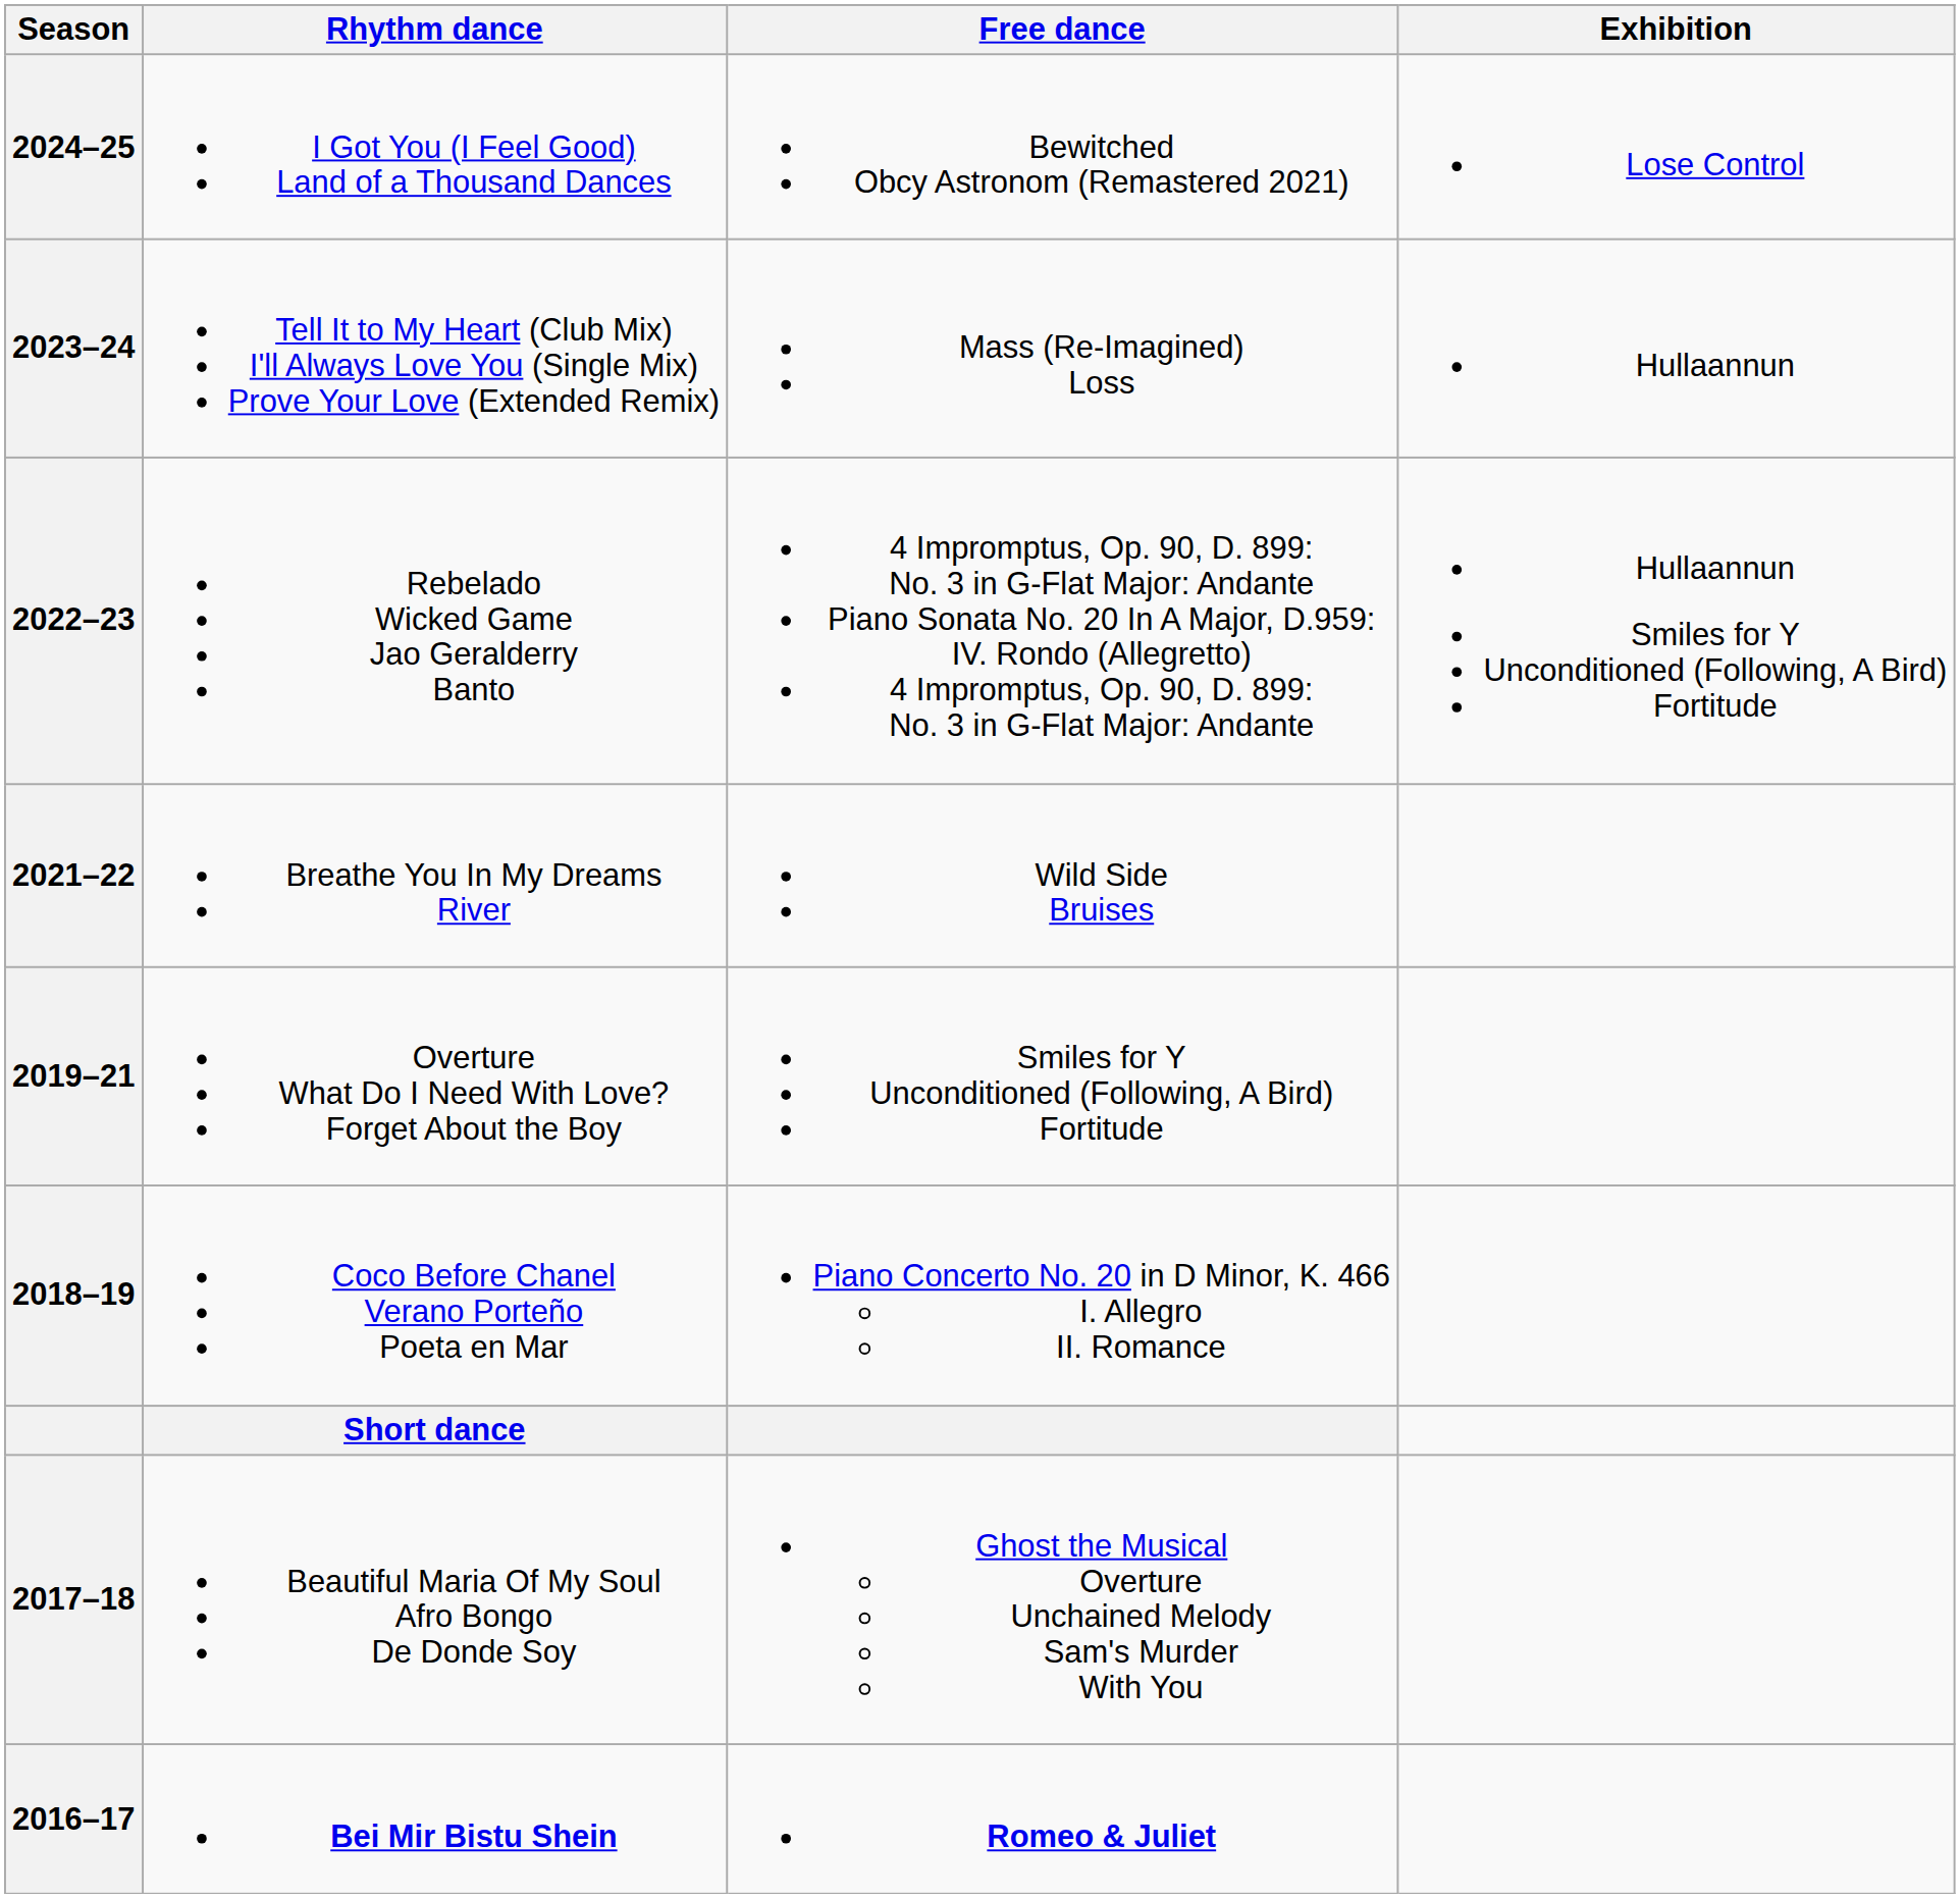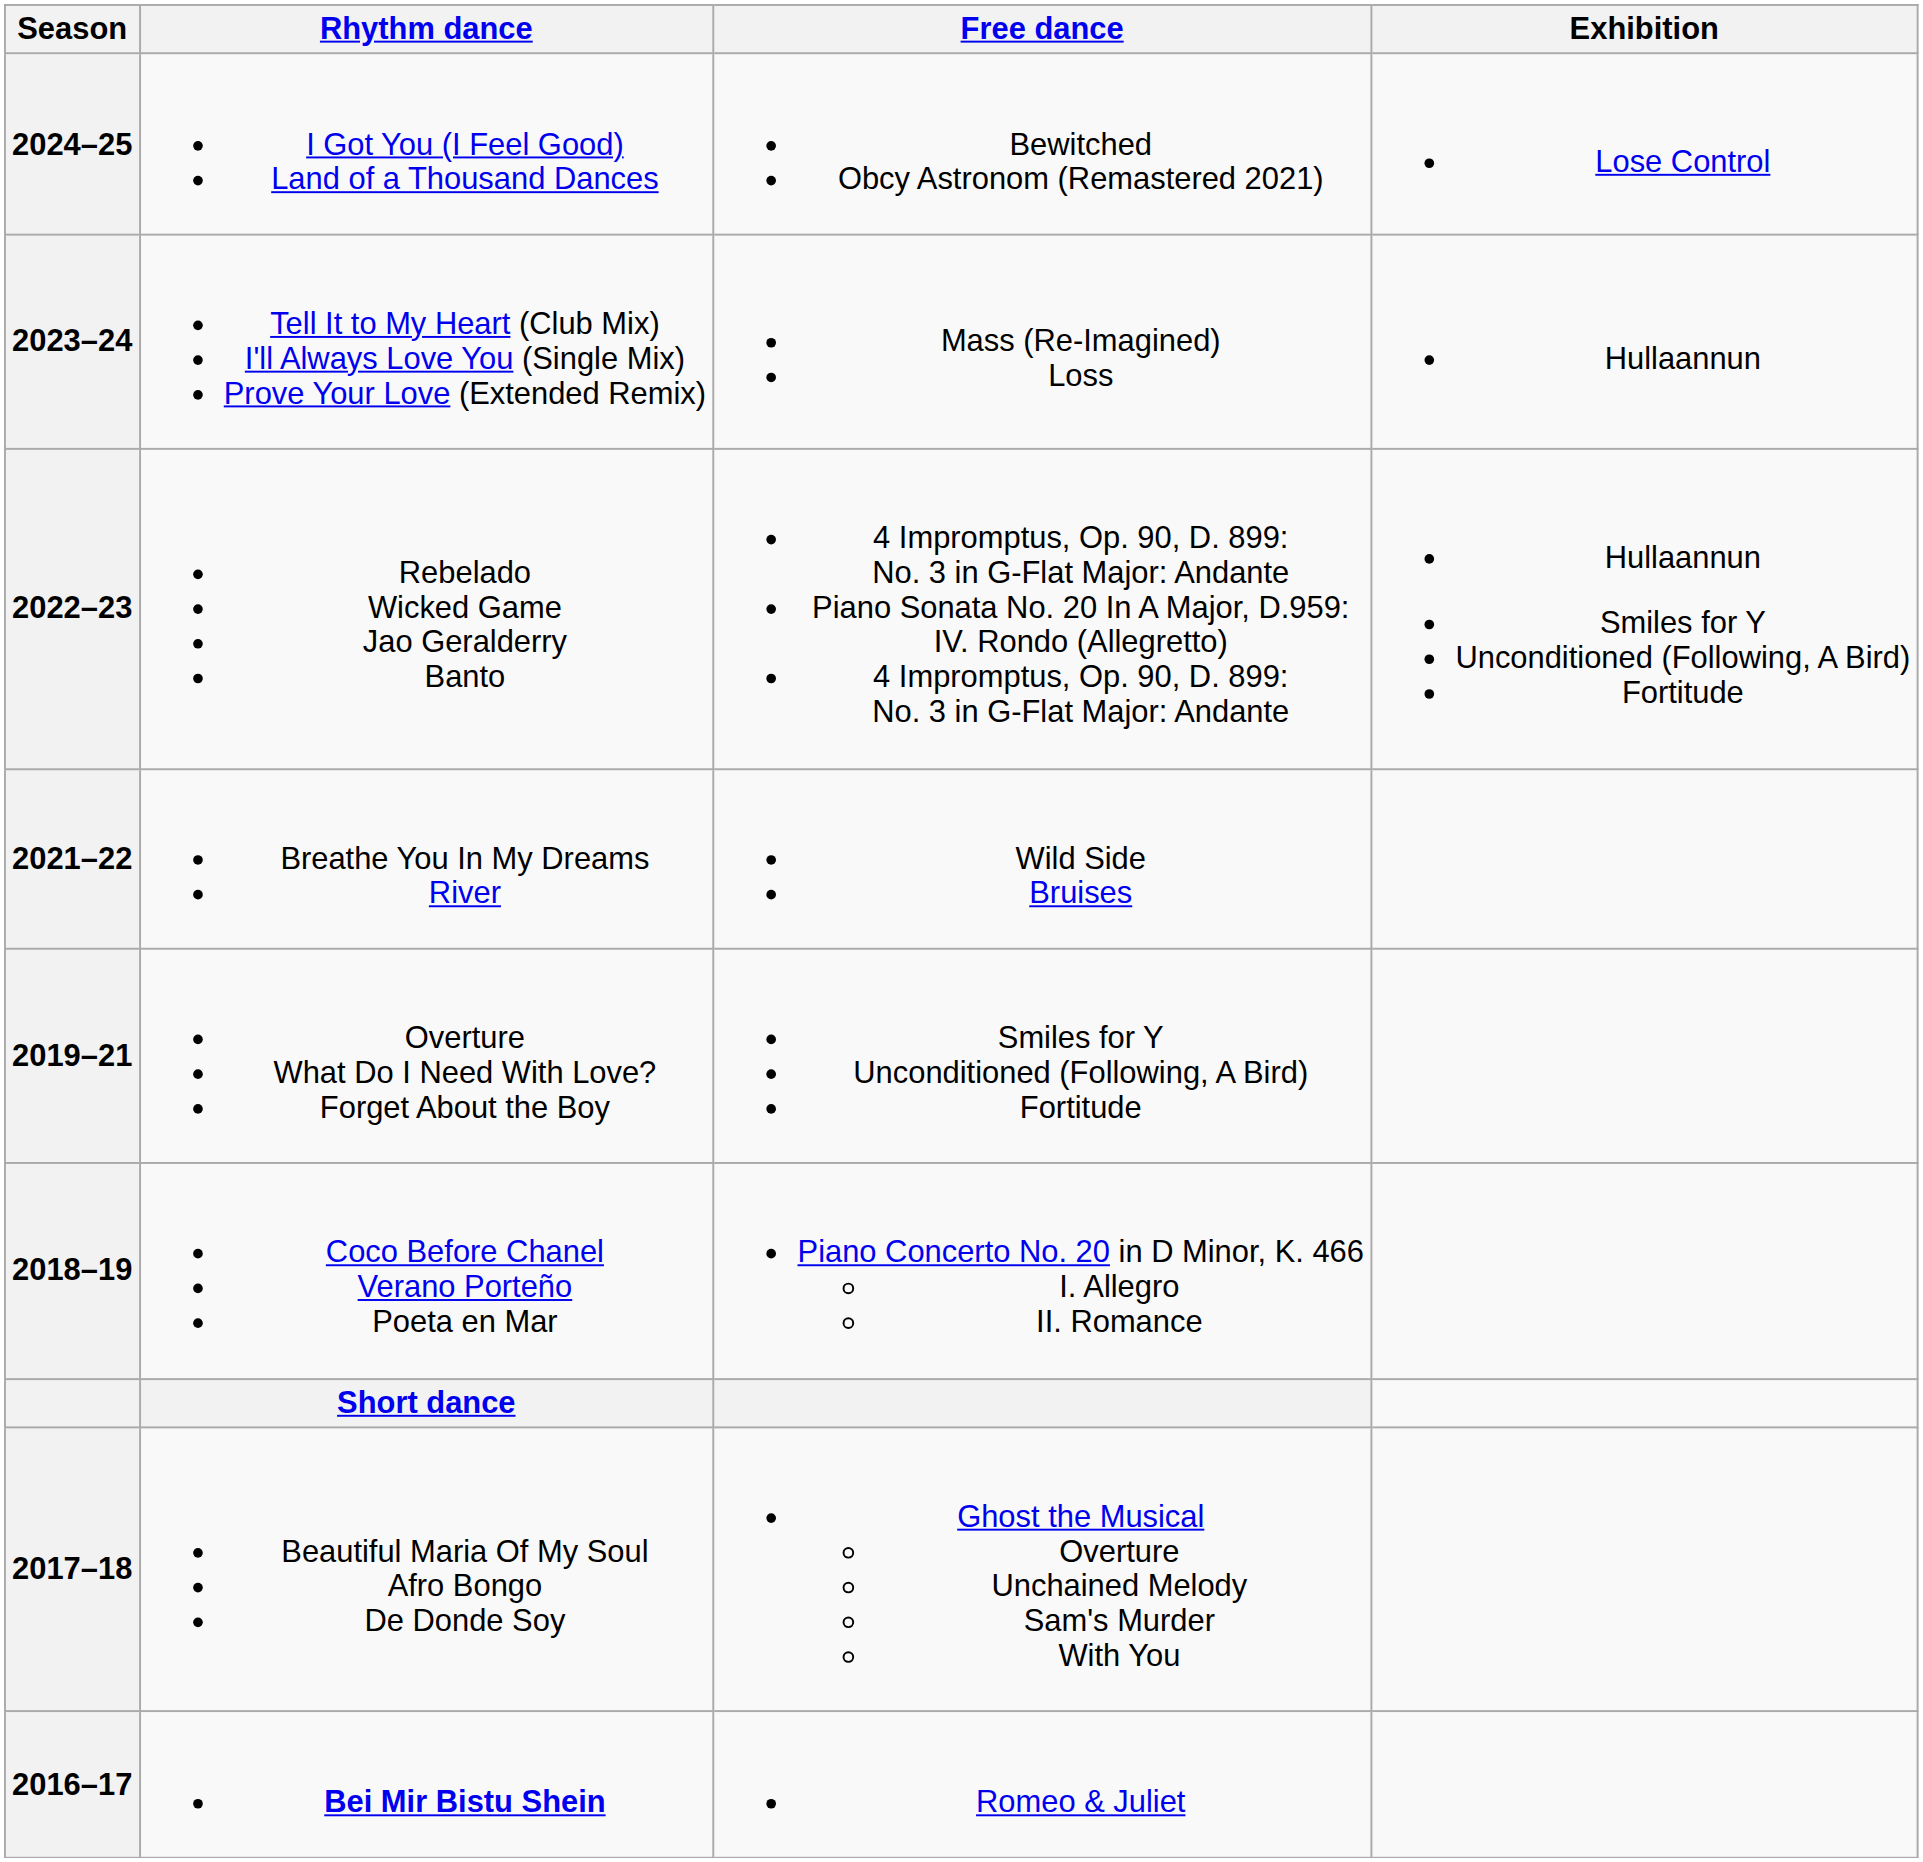 <table class=wikitable style=text-align:center>
 <tr>
 <th>Season</th>
 <th><a href='#'>Rhythm dance</a></th>
 <th><a href='#'>Free dance</a></th>
 <th>Exhibition</th>
 </tr>
 <tr>
 <th>2024–25 <br> </th>
 <td><br><ul><li><a href='#'>I Got You (I Feel Good)</a> <br> </li><li><a href='#'>Land of a Thousand Dances</a> <br> </li></ul></td>
 <td><br><ul><li>Bewitched <br> </li><li>Obcy Astronom (Remastered 2021) <br> </li></ul></td>
 <td><br><ul><li><a href='#'>Lose Control</a> <br> </li></ul></td>
 </tr>
 <tr>
 <th>2023–24 <br> </th>
 <td><br><ul><li><a href='#'>Tell It to My Heart</a> (Club Mix)</li><li><a href='#'>I'll Always Love You</a> (Single Mix)</li><li><a href='#'>Prove Your Love</a> (Extended Remix) <br> </li></ul></td>
 <td><br><ul><li>Mass (Re-Imagined)</li><li>Loss <br> </li></ul></td>
 <td><br><ul><li>Hullaannun <br></li></ul></td>
 </tr>
 <tr>
 <th>2022–23 <br> </th>
 <td><br><ul><li> Rebelado <br></li><li> Wicked Game <br></li><li> Jao Geralderry <br></li><li> Banto <br></li></ul></td>
 <td><br><ul><li>4 Impromptus, Op. 90, D. 899:<br> No. 3 in G-Flat Major: Andante</li><li>Piano Sonata No. 20 In A Major, D.959:<br> IV. Rondo (Allegretto)</li><li>4 Impromptus, Op. 90, D. 899:<br> No. 3 in G-Flat Major: Andante <br></li></ul></td>
 <td><br><ul><li>Hullaannun <br></li></ul><ul><li>Smiles for Y <br> </li><li>Unconditioned (Following, A Bird) <br> </li><li>Fortitude <br> </li></ul></td>
 </tr>
 <tr>
 <th>2021–22 <br> </th>
 <td><br><ul><li> Breathe You In My Dreams <br> </li><li> <a href='#'>River</a> <br> </li></ul></td>
 <td><br><ul><li>Wild Side <br> </li><li><a href='#'>Bruises</a> <br> </li></ul></td>
 <td></td>
 </tr>
 <tr>
 <th>2019–21 <br> </th>
 <td><br><ul><li> Overture</li><li> What Do I Need With Love?</li><li>Forget About the Boy <br> </li></ul></td>
 <td><br><ul><li>Smiles for Y <br> </li><li>Unconditioned (Following, A Bird) <br> </li><li>Fortitude <br> </li></ul></td>
 <td></td>
 </tr>
 <tr>
 <th>2018–19 <br> </th>
 <td><br><ul><li><a href='#'>Coco Before Chanel</a> <br></li><li> <a href='#'>Verano Porteño</a> <br></li><li> Poeta en Mar <br></li></ul></td>
 <td><br><ul><li><a href='#'>Piano Concerto No. 20</a> in D Minor, K. 466 <br><ul><li>I. Allegro</li><li>II. Romance <br></li></ul></li></ul></td>
 <td></td>
 </tr>
 <tr>
 <th></th>
 <th><a href='#'>Short dance</a></th>
 <th></th>
 </tr>
 <tr>
 <th>2017–18 <br> </th>
 <td><br><ul><li>Beautiful Maria Of My Soul <br></li><li>Afro Bongo <br></li><li>De Donde Soy <br></li></ul></td>
 <td><br><ul><li><a href='#'>Ghost the Musical</a> <br><ul><li>Overture</li><li>Unchained Melody</li><li>Sam's Murder</li><li>With You</li></ul></li></ul></td>
 <td></td>
 </tr>
 <tr>
 <th>2016–17</th>
 <td><strong><br><ul><li><a href='#'>Bei Mir Bistu Shein</a> <br></li></ul></strong></td>
-<td><strong><br><ul><li><a href='#'>Romeo & Juliet</a> <br></li></ul></strong></td>
+<td><br><ul><li><a href='#'>Romeo & Juliet</a> <br></li></ul></td>
 <td></td>
 </tr>
 </table>
